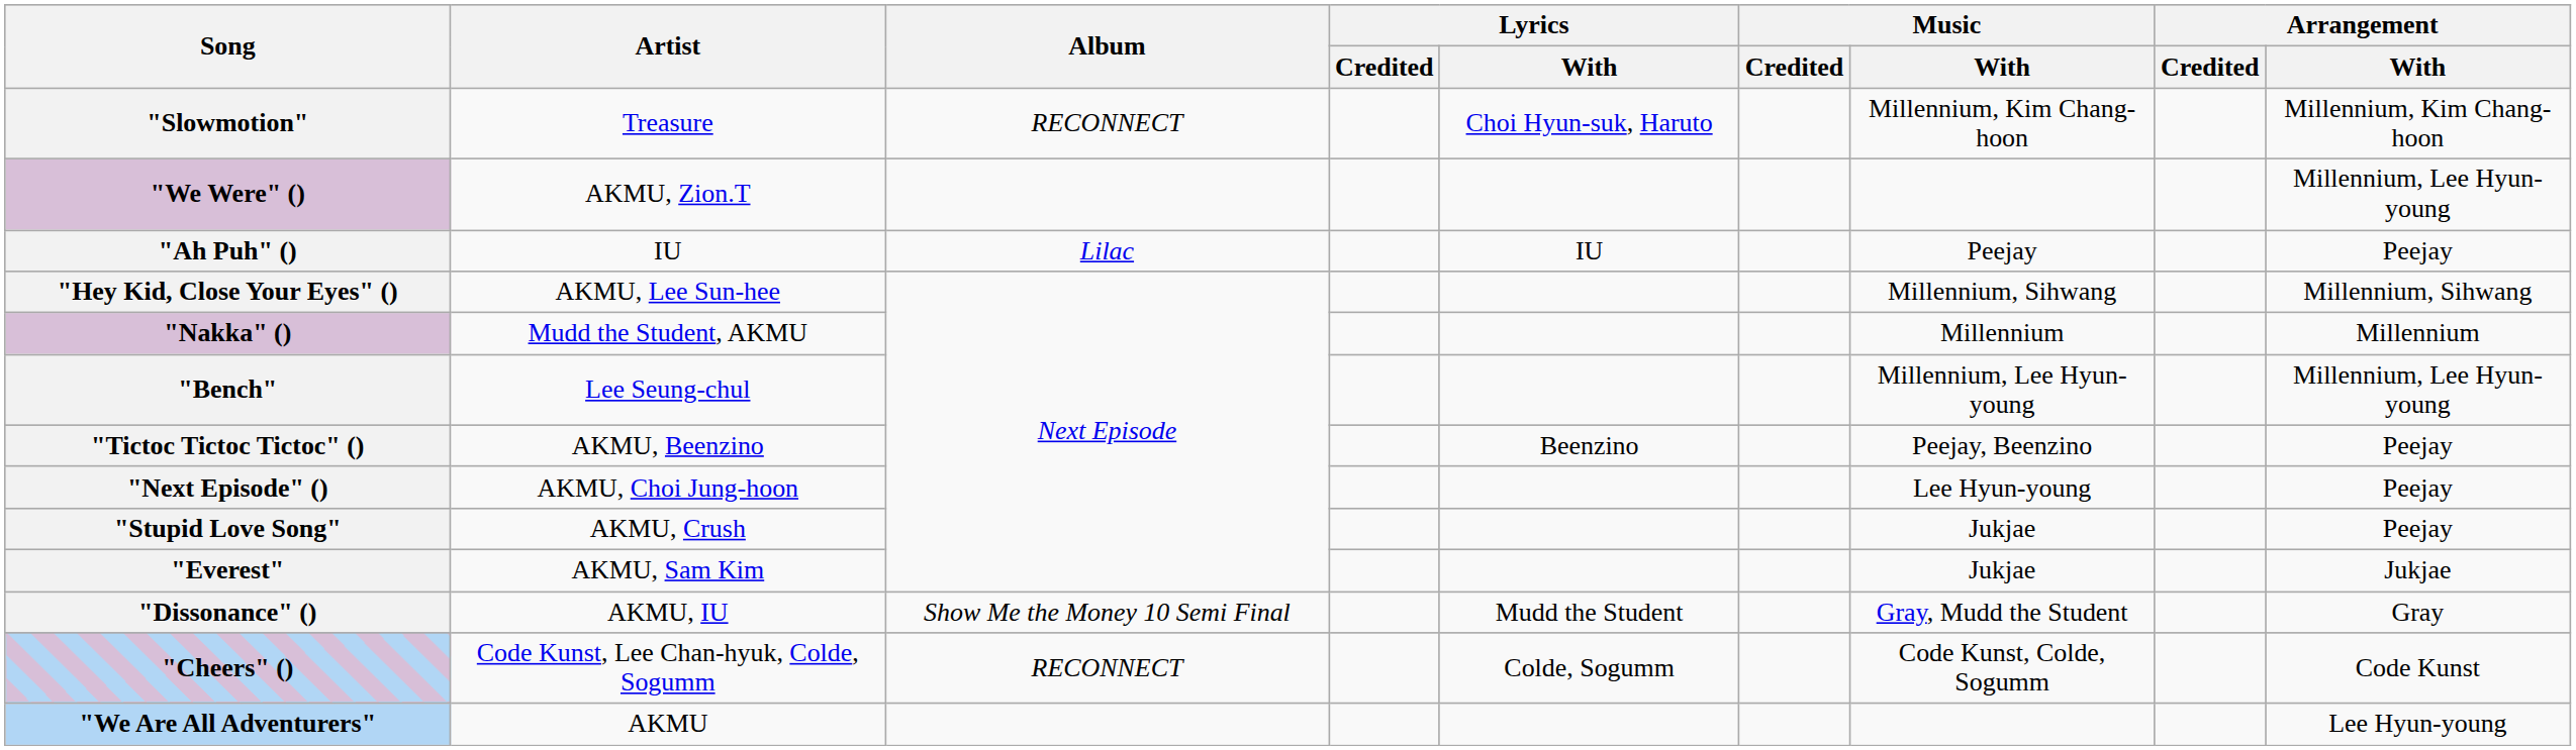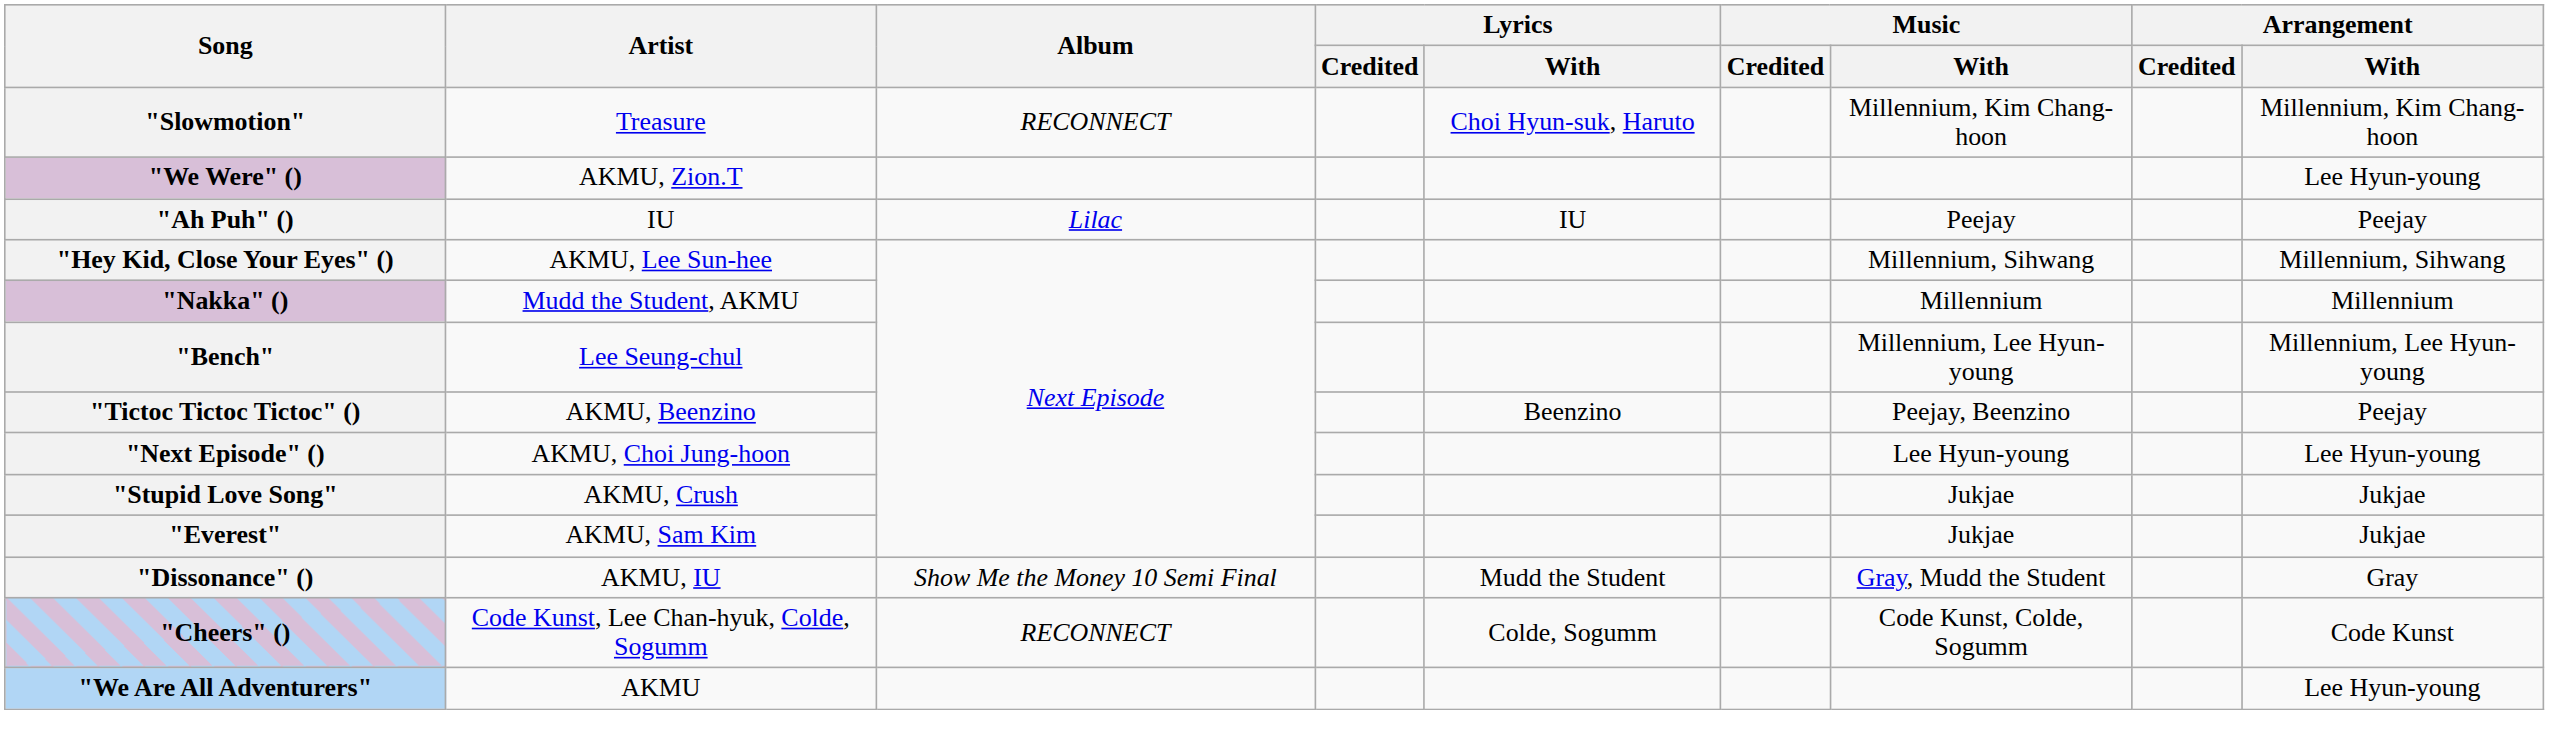 <table class="wikitable plainrowheaders" style="text-align:center;">
 <tr>
 <th rowspan="2" width="300px">Song</th>
 <th rowspan="2" width="300px">Artist</th>
 <th rowspan="2" width="300px">Album</th>
 <th colspan="2">Lyrics</th>
 <th colspan="2">Music</th>
 <th colspan="2">Arrangement</th>
 </tr>
 <tr>
 <th width="50px">Credited</th>
 <th width="200px">With</th>
 <th width="50px">Credited</th>
 <th width="200px">With</th>
 <th width="50px">Credited</th>
 <th width="200px">With</th>
 </tr>
 <tr>
 <th scope="row">"Slowmotion"</th>
 <td><a href='#'>Treasure</a></td>
 <td><em>RECONNECT</em></td>
 <td></td>
 <td><a href='#'>Choi Hyun-suk</a>, <a href='#'>Haruto</a></td>
 <td></td>
 <td>Millennium, Kim Chang-hoon</td>
 <td></td>
 <td>Millennium, Kim Chang-hoon</td>
 </tr>
 <tr>
 <th scope="row" style="background-color:#D8BFD8">"We Were" () </th>
 <td>AKMU, <a href='#'>Zion.T</a></td>
 <td></td>
 <td></td>
 <td></td>
 <td></td>
 <td></td>
 <td></td>
-<td>Millennium, Lee Hyun-young</td>
+<td>Lee Hyun-young</td>
 </tr>
 <tr>
 <th scope="row">"Ah Puh" ()</th>
 <td>IU</td>
 <td><em><a href='#'>Lilac</a></em></td>
 <td></td>
 <td>IU</td>
 <td></td>
 <td>Peejay</td>
 <td></td>
 <td>Peejay</td>
 </tr>
 <tr>
 <th scope="row">"Hey Kid, Close Your Eyes" ()</th>
 <td>AKMU, <a href='#'>Lee Sun-hee</a></td>
 <td rowspan="7"><em><a href='#'>Next Episode</a></em></td>
 <td></td>
 <td></td>
 <td></td>
 <td>Millennium, Sihwang</td>
 <td></td>
 <td>Millennium, Sihwang</td>
 </tr>
 <tr>
 <th scope="row" style="background-color:#D8BFD8">"Nakka" () </th>
 <td><a href='#'>Mudd the Student</a>, AKMU</td>
 <td></td>
 <td></td>
 <td></td>
 <td>Millennium</td>
 <td></td>
 <td>Millennium</td>
 </tr>
 <tr>
 <th scope="row">"Bench"</th>
 <td><a href='#'>Lee Seung-chul</a></td>
 <td></td>
 <td></td>
 <td></td>
 <td>Millennium, Lee Hyun-young</td>
 <td></td>
 <td>Millennium, Lee Hyun-young</td>
 </tr>
 <tr>
 <th scope="row">"Tictoc Tictoc Tictoc" ()</th>
 <td>AKMU, <a href='#'>Beenzino</a></td>
 <td></td>
 <td>Beenzino</td>
 <td></td>
 <td>Peejay, Beenzino</td>
 <td></td>
 <td>Peejay</td>
 </tr>
 <tr>
 <th scope="row">"Next Episode" ()</th>
 <td>AKMU, <a href='#'>Choi Jung-hoon</a></td>
 <td></td>
 <td></td>
 <td></td>
 <td>Lee Hyun-young</td>
 <td></td>
-<td>Peejay</td>
+<td>Lee Hyun-young</td>
 </tr>
 <tr>
 <th scope="row">"Stupid Love Song"</th>
 <td>AKMU, <a href='#'>Crush</a></td>
 <td></td>
 <td></td>
 <td></td>
 <td>Jukjae</td>
 <td></td>
-<td>Peejay</td>
+<td>Jukjae</td>
 </tr>
 <tr>
 <th scope="row">"Everest"</th>
 <td>AKMU, <a href='#'>Sam Kim</a></td>
 <td></td>
 <td></td>
 <td></td>
 <td>Jukjae</td>
 <td></td>
 <td>Jukjae</td>
 </tr>
 <tr>
 <th scope="row">"Dissonance" ()</th>
 <td>AKMU, <a href='#'>IU</a></td>
 <td><em>Show Me the Money 10 Semi Final</em></td>
 <td></td>
 <td>Mudd the Student</td>
 <td></td>
 <td><a href='#'>Gray</a>, Mudd the Student</td>
 <td></td>
 <td>Gray</td>
 </tr>
 <tr>
 <th scope="row" style="background: repeating-linear-gradient(45deg, #D8BFD8, #D8BFD8 10px, #b1d6f5 10px, #b1d6f5 20px);">"Cheers" ()  <br></th>
 <td><a href='#'>Code Kunst</a>, Lee Chan-hyuk, <a href='#'>Colde</a>, <a href='#'>Sogumm</a></td>
 <td><em>RECONNECT</em></td>
 <td></td>
 <td>Colde, Sogumm</td>
 <td></td>
 <td>Code Kunst, Colde, Sogumm</td>
 <td></td>
 <td>Code Kunst</td>
 </tr>
 <tr>
 <th scope="row" style="background-color:#b1d6f5">"We Are All Adventurers" <br>  </th>
 <td>AKMU</td>
 <td></td>
 <td></td>
 <td></td>
 <td></td>
 <td></td>
 <td></td>
 <td>Lee Hyun-young</td>
 </tr>
 </table>
